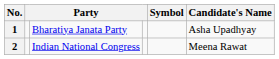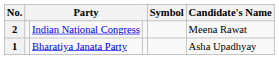 <table class="wikitable sortable">
 <tr>
 <th>No.</th>
 <th colspan="3">Party</th>
 <th>Symbol</th>
 <th>Candidate's Name</th>
+</tr>
+<tr>
+<th>2</th>
+<td style="background:"></td>
+<td><a href='#'>Indian National Congress</a></td>
+<td></td>
+<td></td>
+<td>Meena Rawat</td>
 </tr>
 <tr>
 <th>1</th>
 <td style="background:"></td>
 <td><a href='#'>Bharatiya Janata Party</a></td>
 <td></td>
 <td></td>
 <td>Asha Upadhyay</td>
 </tr>
-<tr>
-<th>2</th>
-<td style="background:"></td>
-<td><a href='#'>Indian National Congress</a></td>
-<td></td>
-<td></td>
-<td>Meena Rawat</td>
-</tr>
 </table>
